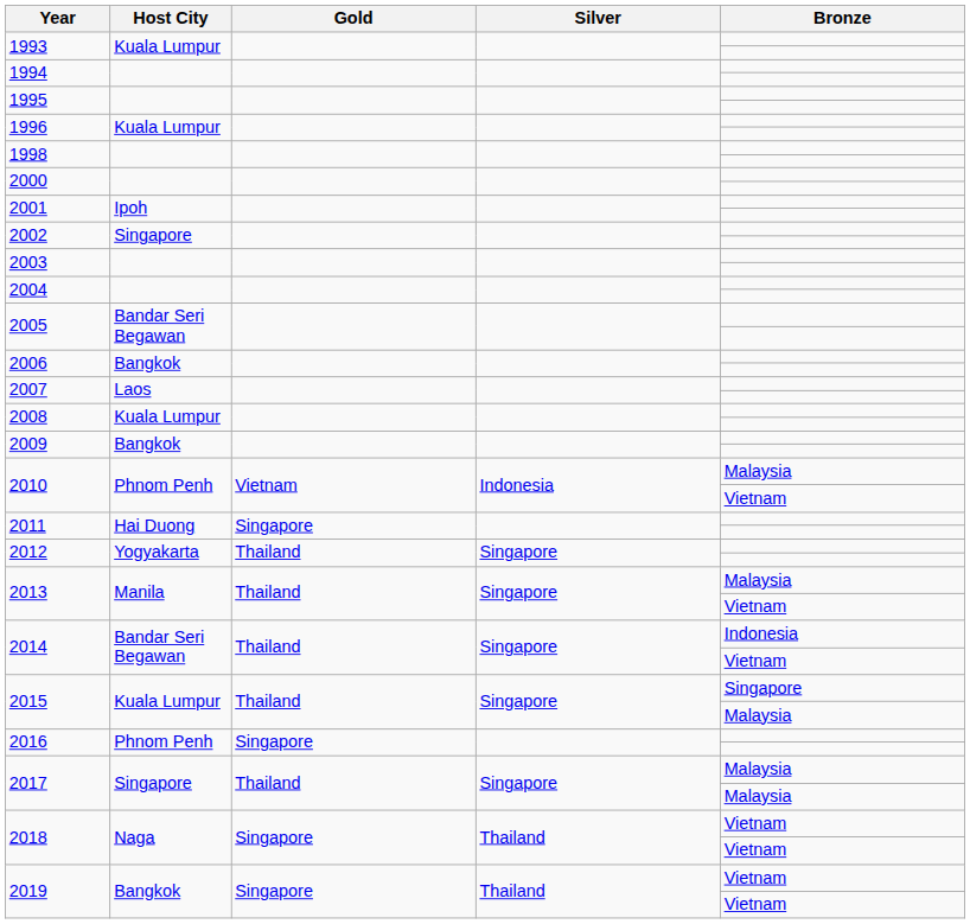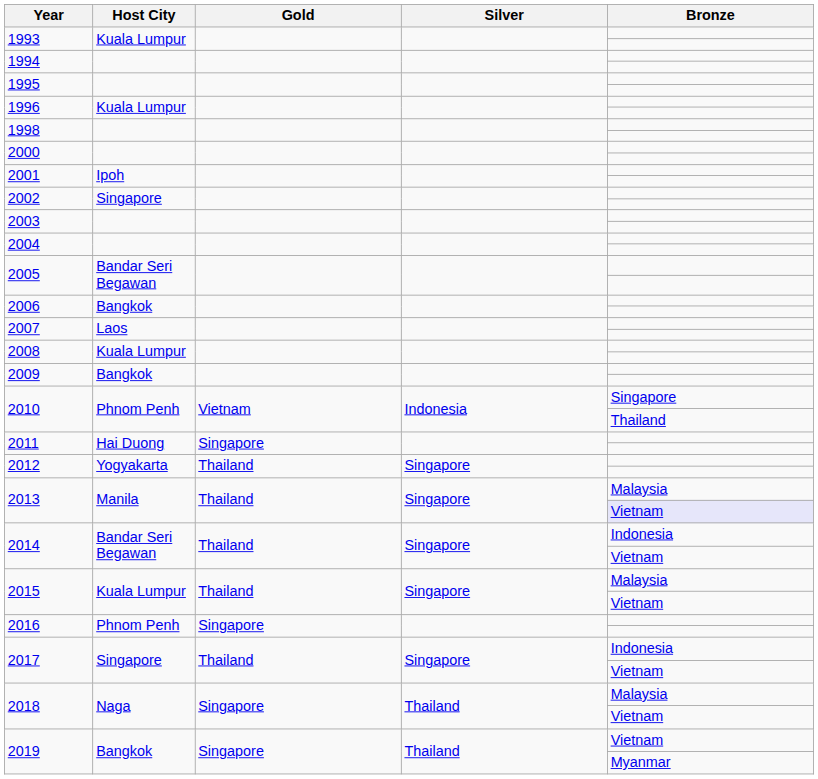 <table class="wikitable sortable" style="width:900px;">
 <tr>
 <th width="120">Year</th>
 <th width="120">Host City</th>
 <th width="300">Gold</th>
 <th width="300">Silver</th>
 <th width="300">Bronze</th>
 </tr>
 <tr>
 <td rowspan=2><a href='#'>1993</a></td>
 <td rowspan=2><a href='#'>Kuala Lumpur</a></td>
 <td rowspan=2></td>
 <td rowspan=2></td>
 <td></td>
 </tr>
 <tr>
 <td></td>
 </tr>
 <tr>
 <td rowspan=2><a href='#'>1994</a></td>
 <td rowspan=2></td>
 <td rowspan=2></td>
 <td rowspan=2></td>
 <td></td>
 </tr>
 <tr>
 <td></td>
 </tr>
 <tr>
 <td rowspan=2><a href='#'>1995</a></td>
 <td rowspan=2></td>
 <td rowspan=2></td>
 <td rowspan=2></td>
 <td></td>
 </tr>
 <tr>
 <td></td>
 </tr>
 <tr>
 <td rowspan=2><a href='#'>1996</a></td>
 <td rowspan=2><a href='#'>Kuala Lumpur</a></td>
 <td rowspan=2></td>
 <td rowspan=2></td>
 <td></td>
 </tr>
 <tr>
 <td></td>
 </tr>
 <tr>
 <td rowspan=2><a href='#'>1998</a></td>
 <td rowspan=2></td>
 <td rowspan=2></td>
 <td rowspan=2></td>
 <td></td>
 </tr>
 <tr>
 <td></td>
 </tr>
 <tr>
 <td rowspan=2><a href='#'>2000</a></td>
 <td rowspan=2></td>
 <td rowspan=2></td>
 <td rowspan=2></td>
 <td></td>
 </tr>
 <tr>
 <td></td>
 </tr>
 <tr>
 <td rowspan=2><a href='#'>2001</a></td>
 <td rowspan=2><a href='#'>Ipoh</a></td>
 <td rowspan=2></td>
 <td rowspan=2></td>
 <td></td>
 </tr>
 <tr>
 <td></td>
 </tr>
 <tr>
 <td rowspan=2><a href='#'>2002</a></td>
 <td rowspan=2><a href='#'>Singapore</a></td>
 <td rowspan=2></td>
 <td rowspan=2></td>
 <td></td>
 </tr>
 <tr>
 <td></td>
 </tr>
 <tr>
 <td rowspan=2><a href='#'>2003</a></td>
 <td rowspan=2></td>
 <td rowspan=2></td>
 <td rowspan=2></td>
 <td></td>
 </tr>
 <tr>
 <td></td>
 </tr>
 <tr>
 <td rowspan=2><a href='#'>2004</a></td>
 <td rowspan=2></td>
 <td rowspan=2></td>
 <td rowspan=2></td>
 <td></td>
 </tr>
 <tr>
 <td></td>
 </tr>
 <tr>
 <td rowspan=2><a href='#'>2005</a></td>
 <td rowspan=2><a href='#'>Bandar Seri Begawan</a></td>
 <td rowspan=2></td>
 <td rowspan=2></td>
 <td></td>
 </tr>
 <tr>
 <td></td>
 </tr>
 <tr>
 <td rowspan=2><a href='#'>2006</a></td>
 <td rowspan=2><a href='#'>Bangkok</a></td>
 <td rowspan=2></td>
 <td rowspan=2></td>
 <td></td>
 </tr>
 <tr>
 <td></td>
 </tr>
 <tr>
 <td rowspan=2><a href='#'>2007</a></td>
 <td rowspan=2><a href='#'>Laos</a></td>
 <td rowspan=2></td>
 <td rowspan=2></td>
 <td></td>
 </tr>
 <tr>
 <td></td>
 </tr>
 <tr>
 <td rowspan=2><a href='#'>2008</a></td>
 <td rowspan=2><a href='#'>Kuala Lumpur</a></td>
 <td rowspan=2></td>
 <td rowspan=2></td>
 <td></td>
 </tr>
 <tr>
 <td></td>
 </tr>
 <tr>
 <td rowspan=2><a href='#'>2009</a></td>
 <td rowspan=2><a href='#'>Bangkok</a></td>
 <td rowspan=2></td>
 <td rowspan=2></td>
 <td></td>
 </tr>
 <tr>
 <td></td>
 </tr>
 <tr>
 <td rowspan=2><a href='#'>2010</a></td>
 <td rowspan=2><a href='#'>Phnom Penh</a></td>
 <td rowspan=2> <a href='#'>Vietnam</a></td>
 <td rowspan=2> <a href='#'>Indonesia</a></td>
-<td> <a href='#'>Malaysia</a></td>
+<td> <a href='#'>Singapore</a></td>
 </tr>
 <tr>
-<td> <a href='#'>Vietnam</a></td>
+<td> <a href='#'>Thailand</a></td>
 </tr>
 <tr>
 <td rowspan=2><a href='#'>2011</a></td>
 <td rowspan=2><a href='#'>Hai Duong</a></td>
 <td rowspan=2> <a href='#'>Singapore</a></td>
 <td rowspan=2></td>
 <td></td>
 </tr>
 <tr>
 <td></td>
 </tr>
 <tr>
 <td rowspan=2><a href='#'>2012</a></td>
 <td rowspan=2><a href='#'>Yogyakarta</a></td>
 <td rowspan=2> <a href='#'>Thailand</a></td>
 <td rowspan=2> <a href='#'>Singapore</a></td>
 <td></td>
 </tr>
 <tr>
 <td></td>
 </tr>
 <tr>
 <td rowspan=2><a href='#'>2013</a></td>
 <td rowspan=2><a href='#'>Manila</a></td>
 <td rowspan=2> <a href='#'>Thailand</a></td>
 <td rowspan=2> <a href='#'>Singapore</a></td>
 <td> <a href='#'>Malaysia</a></td>
 </tr>
 <tr>
-<td> <a href='#'>Vietnam</a></td>
+<td style="background: lavender;"> <a href='#'>Vietnam</a></td>
 </tr>
 <tr>
 <td rowspan=2><a href='#'>2014</a></td>
 <td rowspan=2><a href='#'>Bandar Seri Begawan</a></td>
 <td rowspan=2> <a href='#'>Thailand</a></td>
 <td rowspan=2> <a href='#'>Singapore</a></td>
 <td> <a href='#'>Indonesia</a></td>
 </tr>
 <tr>
 <td> <a href='#'>Vietnam</a></td>
 </tr>
 <tr>
 <td rowspan=2><a href='#'>2015</a></td>
 <td rowspan=2><a href='#'>Kuala Lumpur</a></td>
 <td rowspan=2> <a href='#'>Thailand</a></td>
 <td rowspan=2> <a href='#'>Singapore</a></td>
-<td> <a href='#'>Singapore</a></td>
+<td> <a href='#'>Malaysia</a></td>
 </tr>
 <tr>
-<td> <a href='#'>Malaysia</a></td>
+<td> <a href='#'>Vietnam</a></td>
 </tr>
 <tr>
 <td rowspan=2><a href='#'>2016</a></td>
 <td rowspan=2><a href='#'>Phnom Penh</a></td>
 <td rowspan=2> <a href='#'>Singapore</a></td>
 <td rowspan=2></td>
 <td></td>
 </tr>
 <tr>
 <td></td>
 </tr>
 <tr>
 <td rowspan=2><a href='#'>2017</a></td>
 <td rowspan=2><a href='#'>Singapore</a></td>
 <td rowspan=2> <a href='#'>Thailand</a></td>
 <td rowspan=2> <a href='#'>Singapore</a></td>
-<td> <a href='#'>Malaysia</a></td>
+<td> <a href='#'>Indonesia</a></td>
 </tr>
 <tr>
-<td> <a href='#'>Malaysia</a></td>
+<td> <a href='#'>Vietnam</a></td>
 </tr>
 <tr>
 <td rowspan=2><a href='#'>2018</a></td>
 <td rowspan=2><a href='#'>Naga</a></td>
 <td rowspan=2> <a href='#'>Singapore</a></td>
 <td rowspan=2> <a href='#'>Thailand</a></td>
-<td> <a href='#'>Vietnam</a></td>
+<td> <a href='#'>Malaysia</a></td>
 </tr>
 <tr>
 <td> <a href='#'>Vietnam</a></td>
 </tr>
 <tr>
 <td rowspan=2><a href='#'>2019</a></td>
 <td rowspan=2><a href='#'>Bangkok</a></td>
 <td rowspan=2> <a href='#'>Singapore</a></td>
 <td rowspan=2> <a href='#'>Thailand</a></td>
 <td> <a href='#'>Vietnam</a></td>
 </tr>
 <tr>
-<td> <a href='#'>Vietnam</a></td>
+<td> <a href='#'>Myanmar</a></td>
 </tr>
 </table>
